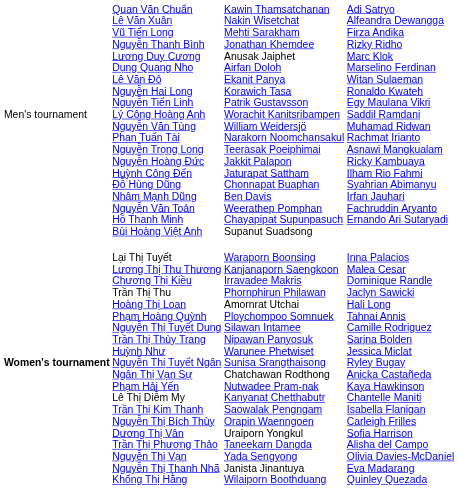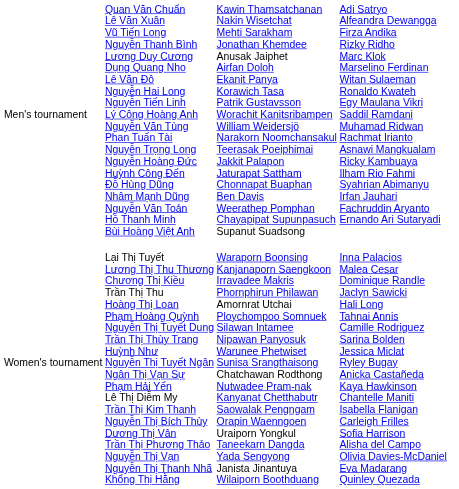 <table>
 <tr>
 <td>Men's tournament<br></td>
 <td nowrap=true valign=top><br><a href='#'>Quan Văn Chuẩn</a><br><a href='#'>Lê Văn Xuân</a><br><a href='#'>Vũ Tiến Long</a><br><a href='#'>Nguyễn Thanh Bình</a><br><a href='#'>Lương Duy Cương</a><br><a href='#'>Dụng Quang Nho</a><br><a href='#'>Lê Văn Đô</a><br><a href='#'>Nguyễn Hai Long</a><br><a href='#'>Nguyễn Tiến Linh</a><br><a href='#'>Lý Công Hoàng Anh</a><br><a href='#'>Nguyễn Văn Tùng</a><br><a href='#'>Phan Tuấn Tài</a><br><a href='#'>Nguyễn Trọng Long</a><br><a href='#'>Nguyễn Hoàng Đức</a><br><a href='#'>Huỳnh Công Đến</a><br><a href='#'>Đỗ Hùng Dũng</a><br><a href='#'>Nhâm Mạnh Dũng</a><br><a href='#'>Nguyễn Văn Toản</a><br><a href='#'>Hồ Thanh Minh</a><br><a href='#'>Bùi Hoàng Việt Anh</a></td>
 <td nowrap=true valign=top><br><a href='#'>Kawin Thamsatchanan</a><br><a href='#'>Nakin Wisetchat</a><br><a href='#'>Mehti Sarakham</a><br><a href='#'>Jonathan Khemdee</a><br>Anusak Jaiphet<br><a href='#'>Airfan Doloh</a><br><a href='#'>Ekanit Panya</a><br><a href='#'>Korawich Tasa</a><br><a href='#'>Patrik Gustavsson</a><br><a href='#'>Worachit Kanitsribampen</a><br><a href='#'>William Weidersjö</a><br><a href='#'>Narakorn Noomchansakul</a><br><a href='#'>Teerasak Poeiphimai</a><br><a href='#'>Jakkit Palapon</a><br><a href='#'>Jaturapat Sattham</a><br><a href='#'>Chonnapat Buaphan</a><br><a href='#'>Ben Davis</a><br><a href='#'>Weerathep Pomphan</a><br><a href='#'>Chayapipat Supunpasuch</a><br>Supanut Suadsong</td>
 <td nowrap=true valign=top><br><a href='#'>Adi Satryo</a><br><a href='#'>Alfeandra Dewangga</a><br><a href='#'>Firza Andika</a><br><a href='#'>Rizky Ridho</a><br><a href='#'>Marc Klok</a><br><a href='#'>Marselino Ferdinan</a><br><a href='#'>Witan Sulaeman</a><br><a href='#'>Ronaldo Kwateh</a><br><a href='#'>Egy Maulana Vikri</a><br><a href='#'>Saddil Ramdani</a><br><a href='#'>Muhamad Ridwan</a><br><a href='#'>Rachmat Irianto</a><br><a href='#'>Asnawi Mangkualam</a><br><a href='#'>Ricky Kambuaya</a><br><a href='#'>Ilham Rio Fahmi</a><br><a href='#'>Syahrian Abimanyu</a><br><a href='#'>Irfan Jauhari</a><br><a href='#'>Fachruddin Aryanto</a><br><a href='#'>Ernando Ari Sutaryadi</a></td>
 </tr>
 <tr>
-<td><strong>Women's tournament<br></strong></td>
+<td>Women's tournament<br></td>
 <td nowrap=true valign=top><br>Lại Thị Tuyết<br><a href='#'>Lương Thị Thu Thương</a><br><a href='#'>Chương Thị Kiều</a><br>Trần Thị Thu<br><a href='#'>Hoàng Thị Loan</a><br><a href='#'>Phạm Hoàng Quỳnh</a><br><a href='#'>Nguyễn Thị Tuyết Dung</a><br><a href='#'>Trần Thị Thùy Trang</a><br><a href='#'>Huỳnh Như</a><br><a href='#'>Nguyễn Thị Tuyết Ngân</a><br><a href='#'>Ngân Thị Vạn Sự</a><br><a href='#'>Phạm Hải Yến</a><br>Lê Thị Diễm My<br><a href='#'>Trần Thị Kim Thanh</a><br><a href='#'>Nguyễn Thị Bích Thùy</a><br><a href='#'>Dương Thị Vân</a><br><a href='#'>Trần Thị Phương Thảo</a><br><a href='#'>Nguyễn Thị Vạn</a><br><a href='#'>Nguyễn Thị Thanh Nhã</a><br><a href='#'>Khổng Thị Hằng</a></td>
 <td nowrap=true valign=top><br><a href='#'>Waraporn Boonsing</a><br><a href='#'>Kanjanaporn Saengkoon</a><br><a href='#'>Irravadee Makris</a><br><a href='#'>Phornphirun Philawan</a><br>Amornrat Utchai<br><a href='#'>Ploychompoo Somnuek</a><br><a href='#'>Silawan Intamee</a><br><a href='#'>Nipawan Panyosuk</a><br><a href='#'>Warunee Phetwiset</a><br><a href='#'>Sunisa Srangthaisong</a><br>Chatchawan Rodthong<br><a href='#'>Nutwadee Pram-nak</a><br><a href='#'>Kanyanat Chetthabutr</a><br><a href='#'>Saowalak Pengngam</a><br><a href='#'>Orapin Waenngoen</a><br>Uraiporn Yongkul<br><a href='#'>Taneekarn Dangda</a><br><a href='#'>Yada Sengyong</a><br>Janista Jinantuya<br><a href='#'>Wilaiporn Boothduang</a></td>
 <td nowrap=true valign=top><br><a href='#'>Inna Palacios</a><br><a href='#'>Malea Cesar</a><br><a href='#'>Dominique Randle</a><br><a href='#'>Jaclyn Sawicki</a><br><a href='#'>Hali Long</a><br><a href='#'>Tahnai Annis</a><br><a href='#'>Camille Rodriguez</a><br><a href='#'>Sarina Bolden</a><br><a href='#'>Jessica Miclat</a><br><a href='#'>Ryley Bugay</a><br><a href='#'>Anicka Castañeda</a><br><a href='#'>Kaya Hawkinson</a><br><a href='#'>Chantelle Maniti</a><br><a href='#'>Isabella Flanigan</a><br><a href='#'>Carleigh Frilles</a><br><a href='#'>Sofia Harrison</a><br><a href='#'>Alisha del Campo</a><br><a href='#'>Olivia Davies-McDaniel</a><br><a href='#'>Eva Madarang</a><br><a href='#'>Quinley Quezada</a></td>
 </tr>
 </table>
